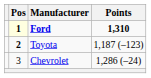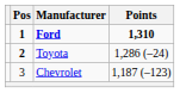 <table class="wikitable" style="font-size: 95%">
 <tr>
 <th></th>
 <th>Pos</th>
 <th>Manufacturer</th>
 <th>Points</th>
 </tr>
 <tr>
 <td align="left"></td>
-<td style="background: lightyellow; text-align:center;"><strong>1</strong></td>
+<td style="text-align:center;"><strong>1</strong></td>
 <td><strong><a href='#'>Ford</a></strong></td>
 <td style="text-align:center;"><strong>1,310</strong></td>
 </tr>
 <tr>
 <td align="left"></td>
 <td style="text-align:center;"><strong>2</strong></td>
 <td><a href='#'>Toyota</a></td>
-<td style="text-align:center;">1,187 (–123)</td>
+<td style="text-align:center;">1,286 (–24)</td>
 </tr>
 <tr>
 <td align="left"></td>
 <td style="text-align:center;">3</td>
 <td><a href='#'>Chevrolet</a></td>
-<td style="text-align:center;">1,286 (–24)</td>
+<td style="text-align:center;">1,187 (–123)</td>
 </tr>
 <tr class="sortbottom">
 <th colspan="9"></th>
 </tr>
 </table>
